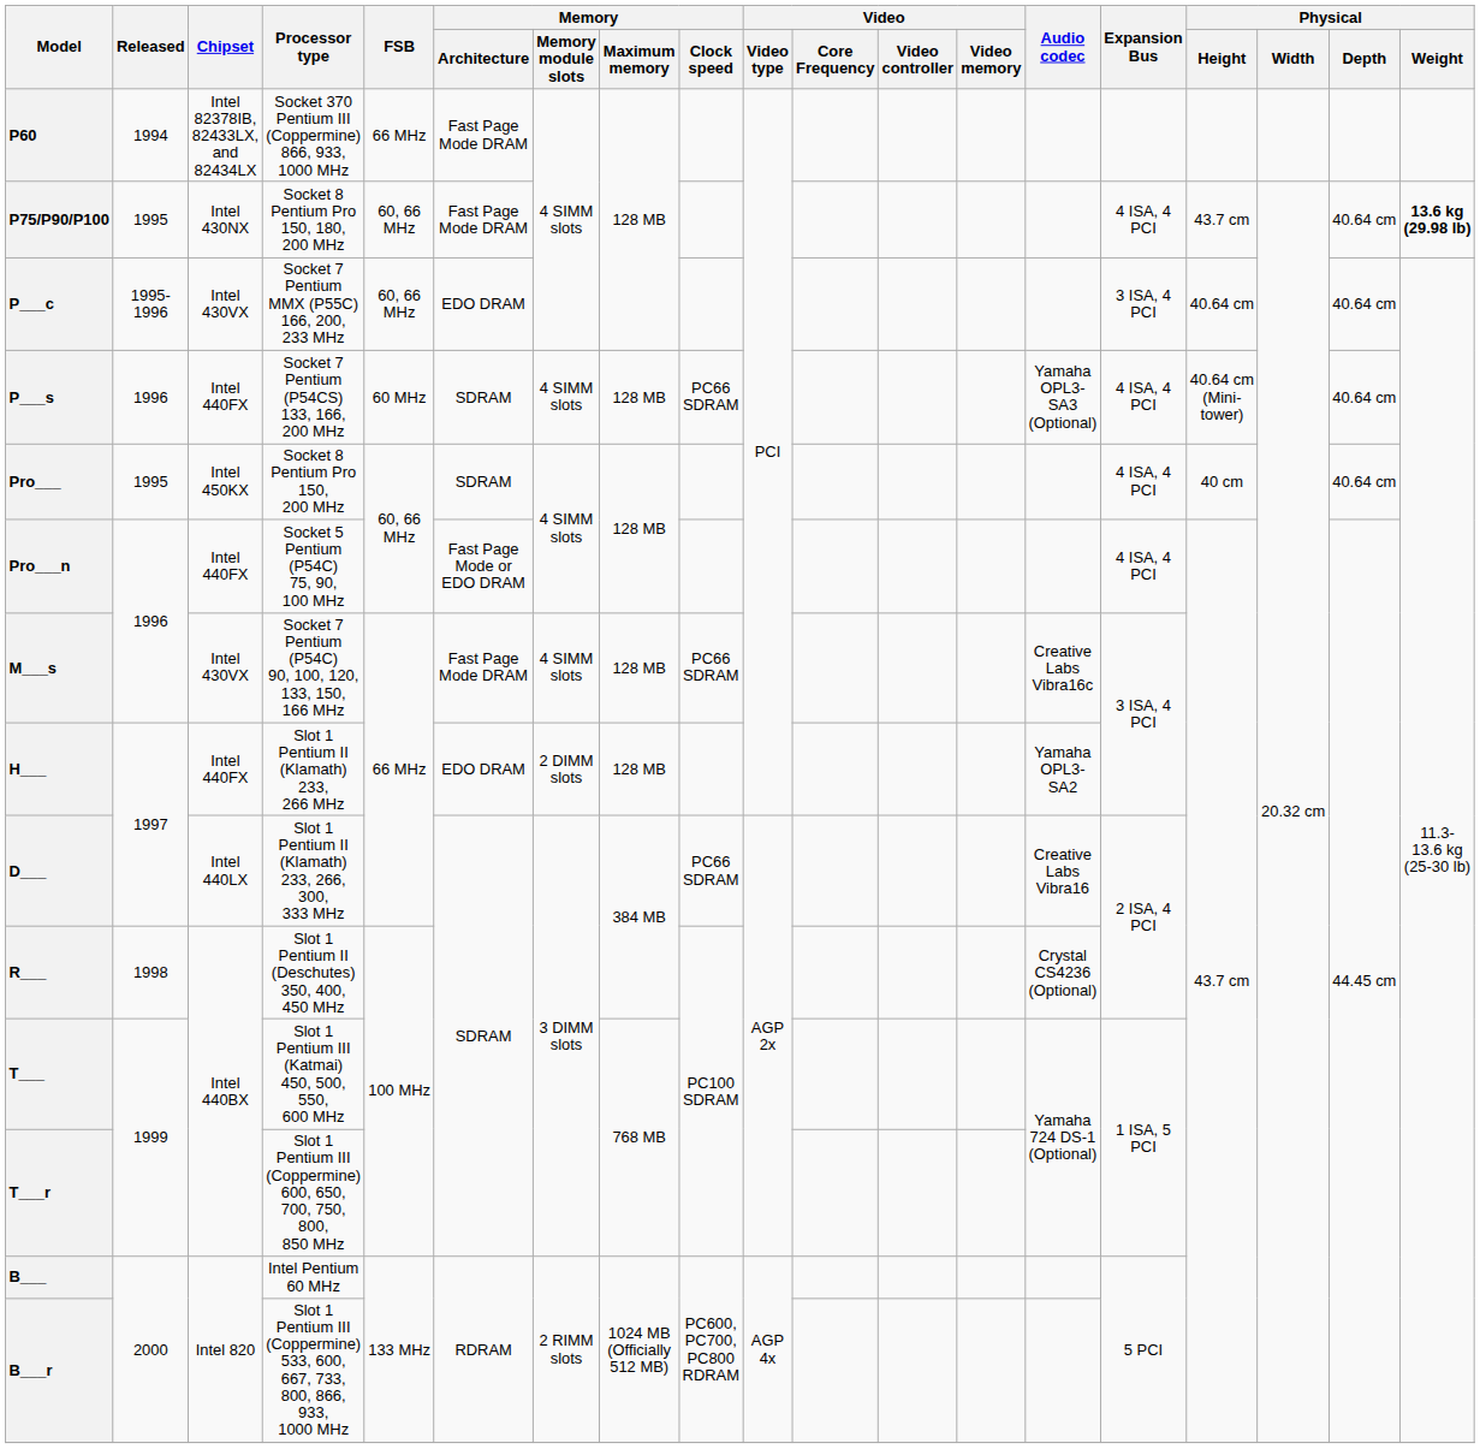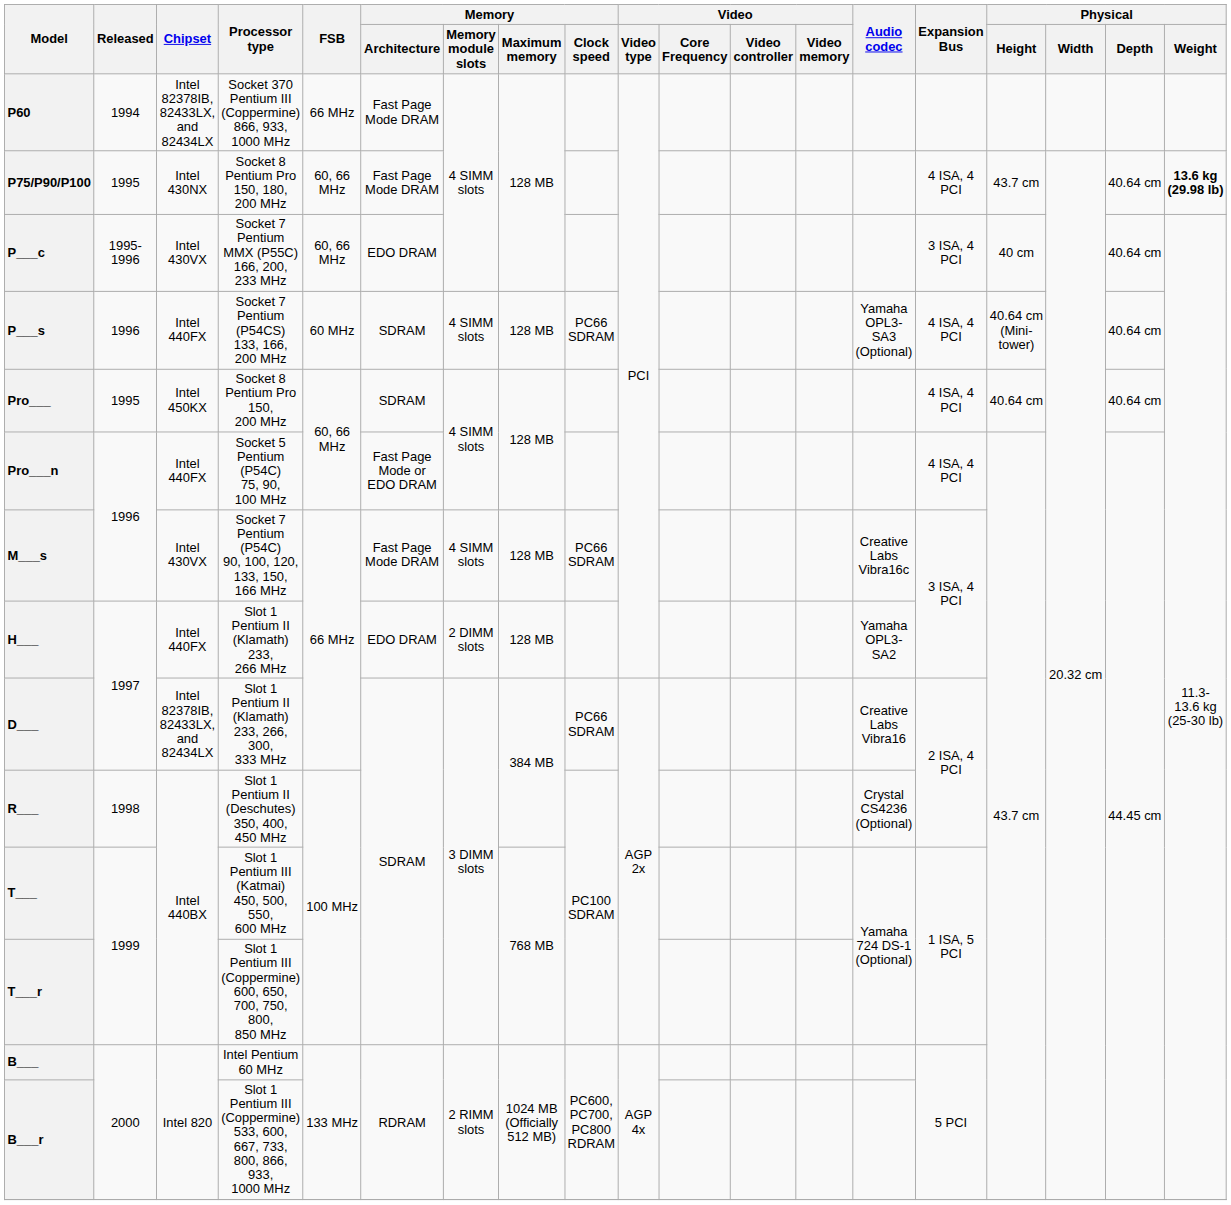 <table class ="wikitable" style="font-size: 85%; text-align: center; width: 100%;">
 <tr>
 <th rowspan=2 style="width:12em">Model</th>
 <th rowspan="2">Released</th>
 <th rowspan=2><a href='#'>Chipset</a></th>
 <th rowspan=2 style="text-align:center;">Processor type</th>
 <th rowspan=2 style="width:8em">FSB</th>
 <th colspan=4 style="text-align:center;">Memory</th>
 <th colspan=4 style="text-align:center;">Video</th>
 <th rowspan=2><a href='#'>Audio codec</a></th>
 <th rowspan=2>Expansion Bus</th>
 <th colspan=4 style="text-align:center;">Physical</th>
 </tr>
 <tr>
 <th>Architecture</th>
 <th>Memory module slots</th>
 <th>Maximum memory</th>
 <th>Clock speed</th>
 <th>Video type</th>
 <th>Core Frequency</th>
 <th>Video controller</th>
 <th>Video memory</th>
 <th>Height</th>
 <th>Width</th>
 <th>Depth</th>
 <th>Weight</th>
 </tr>
 <tr 466v>
 <th style="text-align:left;">P60</th>
 <td>1994</td>
 <td>Intel 82378IB, 82433LX, and 82434LX</td>
 <td>Socket 370<br>Pentium III (Coppermine)<br>866, 933, 1000 MHz</td>
 <td>66 MHz</td>
 <td>Fast Page Mode DRAM</td>
 <td rowspan="3">4 SIMM slots</td>
 <td rowspan="3">128 MB</td>
 <td></td>
 <td rowspan="8">PCI</td>
 <td></td>
 <td></td>
 <td></td>
 <td></td>
 <td></td>
 <td></td>
 <td></td>
 <td></td>
 <td></td>
 </tr>
 <tr>
 <th style="text-align:left;">P75/P90/P100</th>
 <td>1995</td>
 <td>Intel 430NX</td>
 <td>Socket 8<br>Pentium Pro<br>150, 180, 200 MHz</td>
 <td>60, 66 MHz</td>
 <td>Fast Page Mode DRAM</td>
 <td></td>
 <td></td>
 <td></td>
 <td></td>
 <td></td>
 <td>4 ISA, 4 PCI</td>
 <td>43.7 cm</td>
 <td rowspan="13">20.32 cm</td>
 <td>40.64 cm</td>
 <td><strong>13.6 kg (29.98 lb)</strong></td>
 </tr>
 <tr>
 <th style="text-align:left;">P___c</th>
 <td>1995-1996</td>
 <td>Intel 430VX</td>
 <td>Socket 7<br>Pentium MMX (P55C) 166, 200, 233 MHz</td>
 <td>60, 66 MHz</td>
 <td>EDO DRAM</td>
 <td></td>
 <td></td>
 <td></td>
 <td></td>
 <td></td>
 <td>3 ISA, 4 PCI</td>
-<td>40.64 cm</td>
+<td>40 cm</td>
 <td>40.64 cm</td>
 <td rowspan="12">11.3-13.6 kg (25-30 lb)</td>
 </tr>
 <tr>
 <th style="text-align:left;">P___s</th>
 <td>1996</td>
 <td>Intel 440FX</td>
 <td>Socket 7<br>Pentium (P54CS)<br>133, 166, 200 MHz</td>
 <td>60 MHz</td>
 <td>SDRAM</td>
 <td>4 SIMM slots</td>
 <td>128 MB</td>
 <td>PC66 SDRAM</td>
 <td></td>
 <td></td>
 <td></td>
 <td>Yamaha OPL3-SA3 (Optional)</td>
 <td>4 ISA, 4 PCI</td>
 <td>40.64 cm (Mini-tower)</td>
 <td>40.64 cm</td>
 </tr>
 <tr>
 <th style="text-align:left;">Pro___</th>
 <td>1995</td>
 <td>Intel 450KX</td>
 <td>Socket 8<br>Pentium Pro<br>150, 200 MHz</td>
 <td rowspan="2">60, 66 MHz</td>
 <td>SDRAM</td>
 <td rowspan="2">4 SIMM slots</td>
 <td rowspan="2">128 MB</td>
 <td></td>
 <td></td>
 <td></td>
 <td></td>
 <td></td>
 <td>4 ISA, 4 PCI</td>
-<td>40 cm</td>
+<td>40.64 cm</td>
 <td>40.64 cm</td>
 </tr>
 <tr>
 <th style="text-align:left;">Pro___n</th>
 <td rowspan="2">1996</td>
 <td>Intel 440FX</td>
 <td>Socket 5<br>Pentium (P54C)<br>75, 90, 100 MHz</td>
 <td>Fast Page Mode or EDO DRAM</td>
 <td></td>
 <td></td>
 <td></td>
 <td></td>
 <td></td>
 <td>4 ISA, 4 PCI</td>
 <td rowspan="9">43.7 cm</td>
 <td rowspan="9">44.45 cm</td>
 </tr>
 <tr>
 <th style="text-align:left;">M___s</th>
 <td>Intel 430VX</td>
 <td>Socket 7<br>Pentium (P54C)<br>90, 100, 120, 133, 150, 166 MHz</td>
 <td rowspan="3">66 MHz</td>
 <td>Fast Page Mode DRAM</td>
 <td>4 SIMM slots</td>
 <td>128 MB</td>
 <td>PC66 SDRAM</td>
 <td></td>
 <td></td>
 <td></td>
 <td>Creative Labs Vibra16c</td>
 <td rowspan="2">3 ISA, 4 PCI</td>
 </tr>
 <tr>
 <th style="text-align:left;">H___</th>
 <td rowspan="2">1997</td>
 <td>Intel 440FX</td>
 <td>Slot 1<br>Pentium II (Klamath)<br>233, 266 MHz</td>
 <td>EDO DRAM</td>
 <td>2 DIMM slots</td>
 <td>128 MB</td>
 <td></td>
 <td></td>
 <td></td>
 <td></td>
 <td>Yamaha OPL3-SA2</td>
 </tr>
 <tr>
 <th style="text-align:left;">D___</th>
-<td>Intel 440LX</td>
+<td>Intel 82378IB, 82433LX, and 82434LX</td>
 <td>Slot 1<br>Pentium II (Klamath)<br>233, 266, 300, 333 MHz</td>
 <td rowspan="4">SDRAM</td>
 <td rowspan="4">3 DIMM slots</td>
 <td rowspan="2">384 MB</td>
 <td>PC66 SDRAM</td>
 <td rowspan="4">AGP 2x</td>
 <td></td>
 <td></td>
 <td></td>
 <td>Creative Labs Vibra16</td>
 <td rowspan="2">2 ISA, 4 PCI</td>
 </tr>
 <tr>
 <th style="text-align:left;">R___</th>
 <td>1998</td>
 <td rowspan="3">Intel 440BX</td>
 <td>Slot 1<br>Pentium II (Deschutes)<br>350, 400, 450 MHz</td>
 <td rowspan="3">100 MHz</td>
 <td rowspan="3">PC100 SDRAM</td>
 <td></td>
 <td></td>
 <td></td>
 <td>Crystal CS4236 (Optional)</td>
 </tr>
 <tr>
 <th style="text-align:left;">T___</th>
 <td rowspan="2">1999</td>
 <td>Slot 1<br>Pentium III (Katmai)<br>450, 500, 550, 600 MHz</td>
 <td rowspan="2">768 MB</td>
 <td></td>
 <td></td>
 <td></td>
 <td rowspan="2">Yamaha 724 DS-1 (Optional)</td>
 <td rowspan="2">1 ISA, 5 PCI</td>
 </tr>
 <tr>
 <th style="text-align:left;">T___r</th>
 <td>Slot 1<br>Pentium III (Coppermine)<br>600, 650, 700, 750, 800, 850 MHz</td>
 <td></td>
 <td></td>
 <td></td>
 </tr>
 <tr>
 <th style="text-align:left;">B___</th>
 <td rowspan="2">2000</td>
 <td rowspan="2">Intel 820</td>
 <td>Intel Pentium 60 MHz</td>
 <td rowspan="2">133 MHz</td>
 <td rowspan="2">RDRAM</td>
 <td rowspan="2">2 RIMM slots</td>
 <td rowspan="2">1024 MB (Officially 512 MB)</td>
 <td rowspan="2">PC600, PC700, PC800 RDRAM</td>
 <td rowspan="2">AGP 4x</td>
 <td></td>
 <td></td>
 <td></td>
 <td></td>
 <td rowspan="2">5 PCI</td>
 </tr>
 <tr>
 <th style="text-align:left;">B___r</th>
 <td>Slot 1<br>Pentium III (Coppermine)<br>533, 600, 667, 733, 800, 866, 933, 1000 MHz</td>
 <td></td>
 <td></td>
 <td></td>
 <td></td>
 </tr>
 <tr>
 </tr>
 </table>
